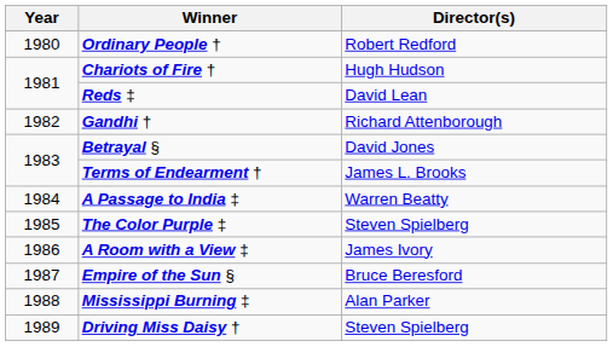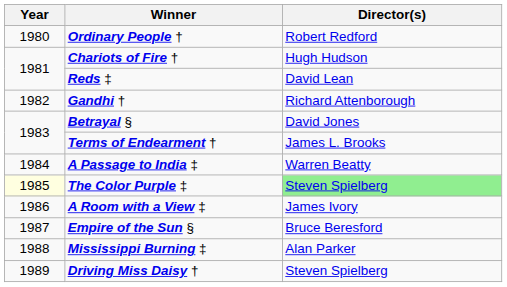 <table class="wikitable" width="95%" cellpadding="5">
 <tr>
 <th width="100"><strong>Year</strong></th>
 <th width="450"><strong>Winner</strong></th>
 <th width="450"><strong>Director(s)</strong></th>
 </tr>
 <tr>
 <td style="text-align:center;">1980</td>
 <td><strong><em><a href='#'>Ordinary People</a></em></strong> †</td>
 <td><a href='#'>Robert Redford</a></td>
 </tr>
 <tr>
 <td rowspan="2" style="text-align:center;">1981</td>
 <td><strong><em><a href='#'>Chariots of Fire</a></em></strong> †</td>
 <td><a href='#'>Hugh Hudson</a></td>
 </tr>
 <tr>
 <td><strong><em><a href='#'>Reds</a></em></strong> ‡</td>
 <td><a href='#'>David Lean</a></td>
 </tr>
 <tr>
 <td style="text-align:center;">1982</td>
 <td><strong><em><a href='#'>Gandhi</a></em></strong> †</td>
 <td><a href='#'>Richard Attenborough</a></td>
 </tr>
 <tr>
 <td rowspan="2" style="text-align:center;">1983</td>
 <td><strong><em><a href='#'>Betrayal</a></em></strong> §</td>
 <td><a href='#'>David Jones</a></td>
 </tr>
 <tr>
 <td><strong><em><a href='#'>Terms of Endearment</a></em></strong> †</td>
 <td><a href='#'>James L. Brooks</a></td>
 </tr>
 <tr>
 <td style="text-align:center;">1984</td>
 <td><strong><em><a href='#'>A Passage to India</a></em></strong> ‡</td>
 <td><a href='#'>Warren Beatty</a></td>
 </tr>
 <tr>
-<td style="text-align:center;">1985</td>
+<td style="background: lightyellow; text-align:center;">1985</td>
 <td><strong><em><a href='#'>The Color Purple</a></em></strong> ‡</td>
-<td><a href='#'>Steven Spielberg</a></td>
+<td style="background: lightgreen;"><a href='#'>Steven Spielberg</a></td>
 </tr>
 <tr>
 <td style="text-align:center;">1986</td>
 <td><strong><em><a href='#'>A Room with a View</a></em></strong> ‡</td>
 <td><a href='#'>James Ivory</a></td>
 </tr>
 <tr>
 <td style="text-align:center;">1987</td>
 <td><strong><em><a href='#'>Empire of the Sun</a></em></strong> §</td>
 <td><a href='#'>Bruce Beresford</a></td>
 </tr>
 <tr>
 <td style="text-align:center;">1988</td>
 <td><strong><em><a href='#'>Mississippi Burning</a></em></strong> ‡</td>
 <td><a href='#'>Alan Parker</a></td>
 </tr>
 <tr>
 <td style="text-align:center;">1989</td>
 <td><strong><em><a href='#'>Driving Miss Daisy</a></em></strong> †</td>
 <td><a href='#'>Steven Spielberg</a></td>
 </tr>
 </table>
